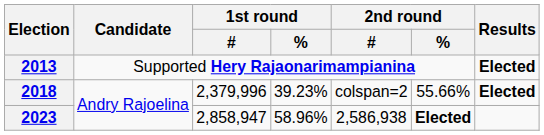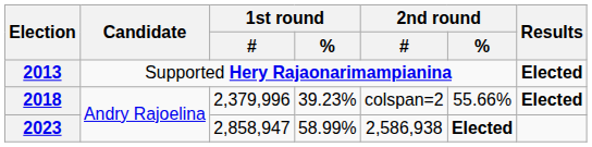 <table class="wikitable" style="text-align:center">
 <tr>
 <th rowspan=2>Election</th>
 <th rowspan=2>Candidate</th>
 <th colspan=2>1st round</th>
 <th colspan=2>2nd round</th>
 <th rowspan=2>Results</th>
 </tr>
 <tr>
 <th>#</th>
 <th>%</th>
 <th>#</th>
 <th>%</th>
 </tr>
 <tr>
 <th><a href='#'>2013</a></th>
 <td colspan="5" style="text-align:center;">Supported <strong><a href='#'>Hery Rajaonarimampianina</a></strong></td>
 <td><strong>Elected</strong> <span></span></td>
 </tr>
 <tr>
 <th><a href='#'>2018</a></th>
 <td rowspan="2"><a href='#'>Andry Rajoelina</a></td>
 <td>2,379,996</td>
 <td>39.23%</td>
 <td>colspan=2 </td>
 <td>55.66%</td>
 <td><strong>Elected</strong> <span></span></td>
 </tr>
 <tr>
 <th><a href='#'>2023</a></th>
 <td>2,858,947</td>
-<td>58.96%</td>
+<td>58.99%</td>
 <td>2,586,938</td>
 <td><strong>Elected</strong> <span></span></td>
 </tr>
 </table>
